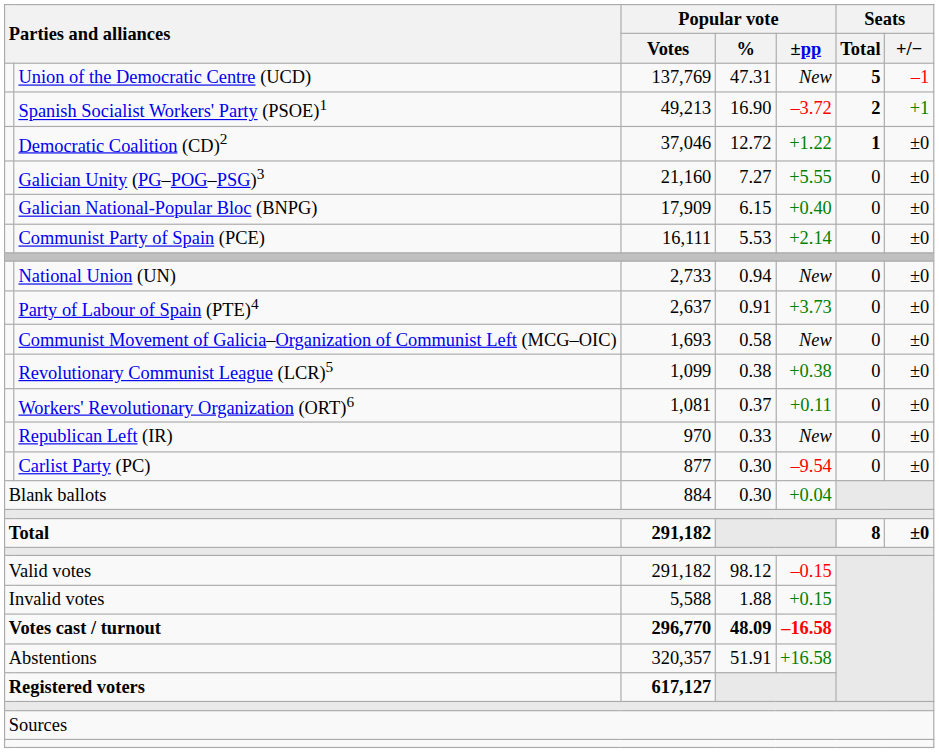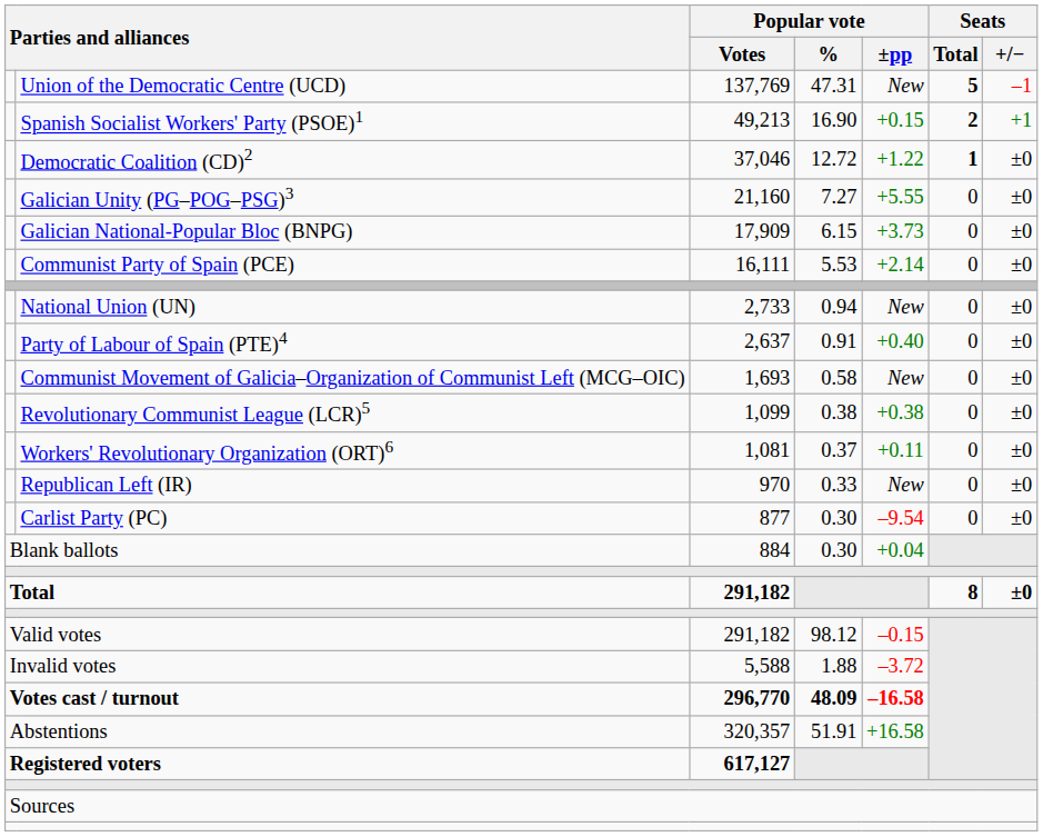 <table class="wikitable" style="text-align:right;">
 <tr>
 <th style="text-align:left;" rowspan="2" colspan="2" width="525">Parties and alliances</th>
 <th colspan="3">Popular vote</th>
 <th colspan="2">Seats</th>
 </tr>
 <tr>
 <th width="75">Votes</th>
 <th width="45">%</th>
 <th width="45">±<a href='#'>pp</a></th>
 <th width="35">Total</th>
 <th width="35">+/−</th>
 </tr>
 <tr>
 <td width="1" style="color:inherit;background:"></td>
 <td align="left"><a href='#'>Union of the Democratic Centre</a> (UCD)</td>
 <td>137,769</td>
 <td>47.31</td>
 <td><em>New</em></td>
 <td><strong>5</strong></td>
 <td style="color:red;">–1</td>
 </tr>
 <tr>
 <td style="color:inherit;background:"></td>
 <td align="left"><a href='#'>Spanish Socialist Workers' Party</a> (PSOE)<sup>1</sup></td>
 <td>49,213</td>
 <td>16.90</td>
-<td style="color:red;">–3.72</td>
+<td style="color:green;">+0.15</td>
 <td><strong>2</strong></td>
 <td style="color:green;">+1</td>
 </tr>
 <tr>
 <td style="color:inherit;background:"></td>
 <td align="left"><a href='#'>Democratic Coalition</a> (CD)<sup>2</sup></td>
 <td>37,046</td>
 <td>12.72</td>
 <td style="color:green;">+1.22</td>
 <td><strong>1</strong></td>
 <td>±0</td>
 </tr>
 <tr>
 <td style="color:inherit;background:"></td>
 <td align="left"><a href='#'>Galician Unity</a> (<a href='#'>PG</a>–<a href='#'>POG</a>–<a href='#'>PSG</a>)<sup>3</sup></td>
 <td>21,160</td>
 <td>7.27</td>
 <td style="color:green;">+5.55</td>
 <td>0</td>
 <td>±0</td>
 </tr>
 <tr>
 <td style="color:inherit;background:"></td>
 <td align="left"><a href='#'>Galician National-Popular Bloc</a> (BNPG)</td>
 <td>17,909</td>
 <td>6.15</td>
-<td style="color:green;">+0.40</td>
+<td style="color:green;">+3.73</td>
 <td>0</td>
 <td>±0</td>
 </tr>
 <tr>
 <td style="color:inherit;background:"></td>
 <td align="left"><a href='#'>Communist Party of Spain</a> (PCE)</td>
 <td>16,111</td>
 <td>5.53</td>
 <td style="color:green;">+2.14</td>
 <td>0</td>
 <td>±0</td>
 </tr>
 <tr>
 <td colspan="7" bgcolor="#C0C0C0"></td>
 </tr>
 <tr>
 <td style="color:inherit;background:"></td>
 <td align="left"><a href='#'>National Union</a> (UN)</td>
 <td>2,733</td>
 <td>0.94</td>
 <td><em>New</em></td>
 <td>0</td>
 <td>±0</td>
 </tr>
 <tr>
 <td style="color:inherit;background:"></td>
 <td align="left"><a href='#'>Party of Labour of Spain</a> (PTE)<sup>4</sup></td>
 <td>2,637</td>
 <td>0.91</td>
-<td style="color:green;">+3.73</td>
+<td style="color:green;">+0.40</td>
 <td>0</td>
 <td>±0</td>
 </tr>
 <tr>
 <td style="color:inherit;background:"></td>
 <td align="left"><a href='#'>Communist Movement of Galicia</a>–<a href='#'>Organization of Communist Left</a> (MCG–OIC)</td>
 <td>1,693</td>
 <td>0.58</td>
 <td><em>New</em></td>
 <td>0</td>
 <td>±0</td>
 </tr>
 <tr>
 <td style="color:inherit;background:"></td>
 <td align="left"><a href='#'>Revolutionary Communist League</a> (LCR)<sup>5</sup></td>
 <td>1,099</td>
 <td>0.38</td>
 <td style="color:green;">+0.38</td>
 <td>0</td>
 <td>±0</td>
 </tr>
 <tr>
 <td style="color:inherit;background:"></td>
 <td align="left"><a href='#'>Workers' Revolutionary Organization</a> (ORT)<sup>6</sup></td>
 <td>1,081</td>
 <td>0.37</td>
 <td style="color:green;">+0.11</td>
 <td>0</td>
 <td>±0</td>
 </tr>
 <tr>
 <td style="color:inherit;background:"></td>
 <td align="left"><a href='#'>Republican Left</a> (IR)</td>
 <td>970</td>
 <td>0.33</td>
 <td><em>New</em></td>
 <td>0</td>
 <td>±0</td>
 </tr>
 <tr>
 <td style="color:inherit;background:"></td>
 <td align="left"><a href='#'>Carlist Party</a> (PC)</td>
 <td>877</td>
 <td>0.30</td>
 <td style="color:red;">–9.54</td>
 <td>0</td>
 <td>±0</td>
 </tr>
 <tr>
 <td align="left" colspan="2">Blank ballots</td>
 <td>884</td>
 <td>0.30</td>
 <td style="color:green;">+0.04</td>
 <td bgcolor="#E9E9E9" colspan="2"></td>
 </tr>
 <tr>
 <td colspan="7" bgcolor="#E9E9E9"></td>
 </tr>
 <tr style="font-weight:bold;">
 <td align="left" colspan="2">Total</td>
 <td>291,182</td>
 <td bgcolor="#E9E9E9" colspan="2"></td>
 <td>8</td>
 <td>±0</td>
 </tr>
 <tr>
 <td colspan="7" bgcolor="#E9E9E9"></td>
 </tr>
 <tr>
 <td align="left" colspan="2">Valid votes</td>
 <td>291,182</td>
 <td>98.12</td>
 <td style="color:red;">–0.15</td>
 <td bgcolor="#E9E9E9" colspan="2" rowspan="5"></td>
 </tr>
 <tr>
 <td align="left" colspan="2">Invalid votes</td>
 <td>5,588</td>
 <td>1.88</td>
-<td style="color:green;">+0.15</td>
+<td style="color:red;">–3.72</td>
 </tr>
 <tr style="font-weight:bold;">
 <td align="left" colspan="2">Votes cast / turnout</td>
 <td>296,770</td>
 <td>48.09</td>
 <td style="color:red;">–16.58</td>
 </tr>
 <tr>
 <td align="left" colspan="2">Abstentions</td>
 <td>320,357</td>
 <td>51.91</td>
 <td style="color:green;">+16.58</td>
 </tr>
 <tr style="font-weight:bold;">
 <td align="left" colspan="2">Registered voters</td>
 <td>617,127</td>
 <td bgcolor="#E9E9E9" colspan="2"></td>
 </tr>
 <tr>
 <td colspan="7" bgcolor="#E9E9E9"></td>
 </tr>
 <tr>
 <td align="left" colspan="7">Sources</td>
 </tr>
 <tr>
 <td colspan="7" style="text-align:left; max-width:790px;"></td>
 </tr>
 </table>
